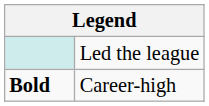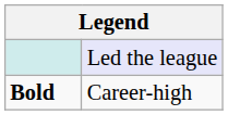 <table class="wikitable mw-collapsible mw-collapsed">
 <tr>
 <th colspan="2">Legend</th>
 </tr>
 <tr>
 <td style="background-color:#cfecec; width:3em;"></td>
-<td>Led the league</td>
+<td style="background: lavender;">Led the league</td>
 </tr>
 <tr>
 <td><strong>Bold</strong></td>
 <td>Career-high</td>
 </tr>
 </table>
